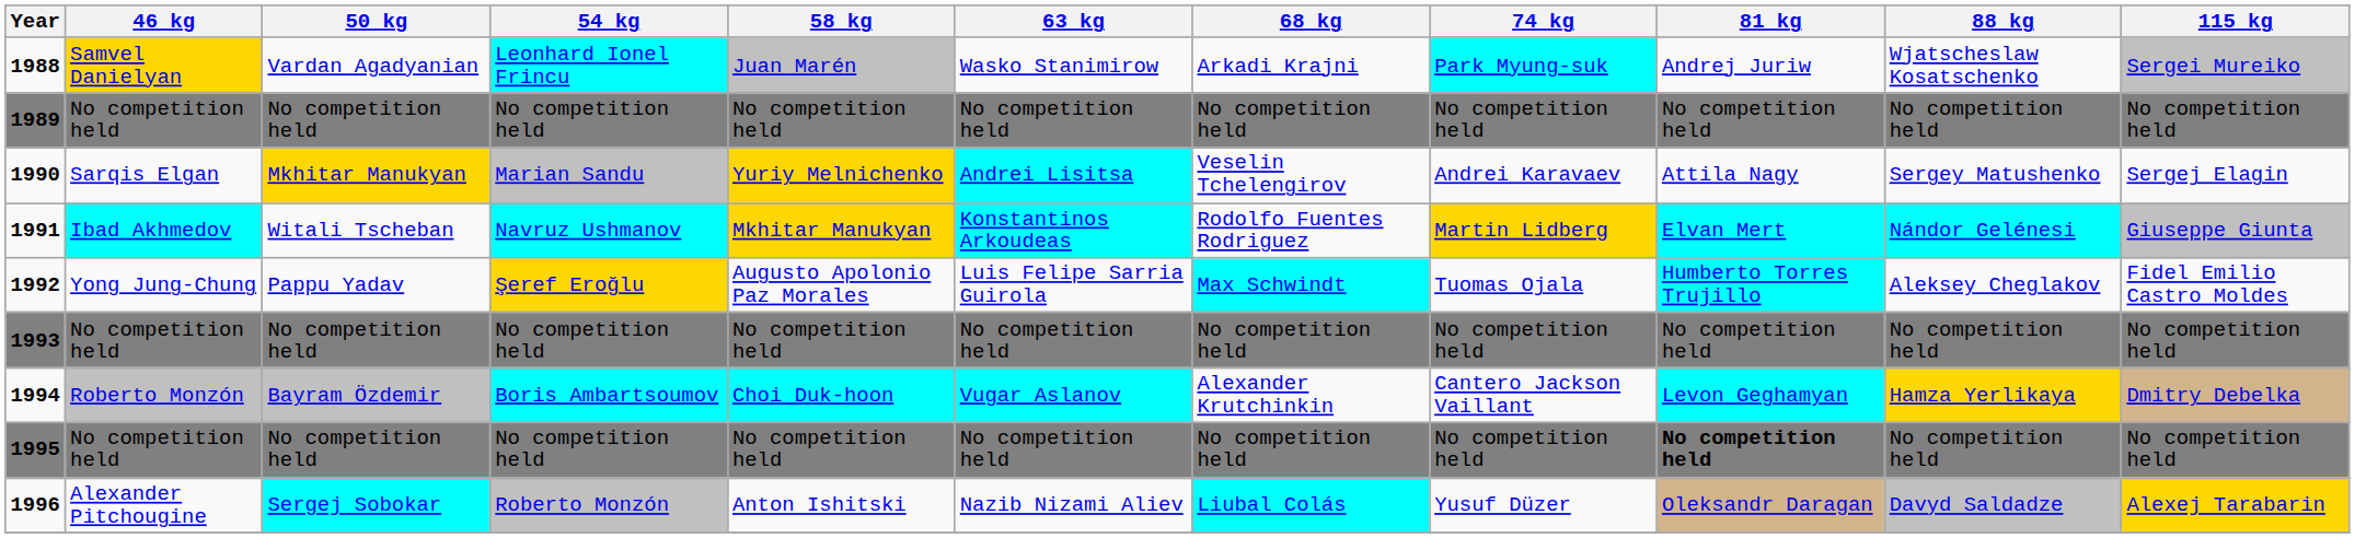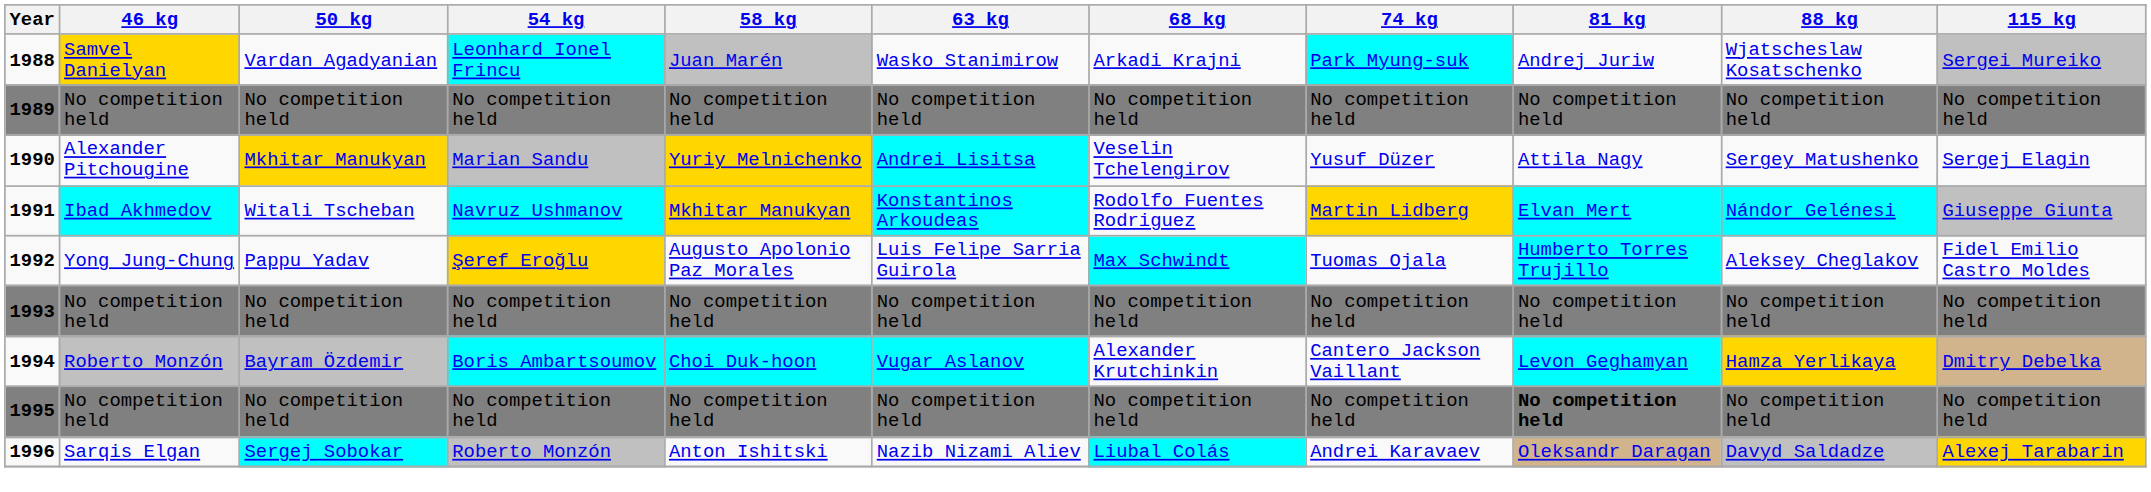 <table class="wikitable sortable"  style="font-size: 85%">
 <tr>
 <th>Year</th>
 <th width=200><a href='#'>46 kg</a></th>
 <th width=275><a href='#'>50 kg</a></th>
 <th width=275><a href='#'>54 kg</a></th>
 <th width=275><a href='#'>58 kg</a></th>
 <th width=275><a href='#'>63 kg</a></th>
 <th width=275><a href='#'>68 kg</a></th>
 <th width=275><a href='#'>74 kg</a></th>
 <th width=275><a href='#'>81 kg</a></th>
 <th width=275><a href='#'>88 kg</a></th>
 <th width=275><a href='#'>115 kg</a></th>
 </tr>
 <tr>
 <td><strong>1988</strong></td>
 <td bgcolor="gold"> <a href='#'>Samvel Danielyan</a></td>
 <td> <a href='#'>Vardan Agadyanian</a></td>
 <td bgcolor="aqua"> <a href='#'>Leonhard Ionel Frincu</a></td>
 <td bgcolor="Silver"> <a href='#'>Juan Marén</a></td>
 <td> <a href='#'>Wasko Stanimirow</a></td>
 <td> <a href='#'>Arkadi Krajni</a></td>
 <td bgcolor="aqua"> <a href='#'>Park Myung-suk</a></td>
 <td> <a href='#'>Andrej Juriw</a></td>
 <td> <a href='#'>Wjatscheslaw Kosatschenko</a></td>
 <td bgcolor="Silver"> <a href='#'>Sergei Mureiko</a></td>
 </tr>
 <tr>
 <td bgcolor="GRAY"><strong>1989</strong></td>
 <td bgcolor="GRAY">No competition held</td>
 <td bgcolor="GRAY">No competition held</td>
 <td bgcolor="GRAY">No competition held</td>
 <td bgcolor="GRAY">No competition held</td>
 <td bgcolor="GRAY">No competition held</td>
 <td bgcolor="GRAY">No competition held</td>
 <td bgcolor="GRAY">No competition held</td>
 <td bgcolor="GRAY">No competition held</td>
 <td bgcolor="GRAY">No competition held</td>
 <td bgcolor="GRAY">No competition held</td>
 </tr>
 <tr>
 <td><strong>1990</strong></td>
-<td> <a href='#'>Sarqis Elgan</a></td>
+<td> <a href='#'>Alexander Pitchougine</a></td>
 <td bgcolor="gold"> <a href='#'>Mkhitar Manukyan</a></td>
 <td bgcolor="Silver"> <a href='#'>Marian Sandu</a></td>
 <td bgcolor="gold"> <a href='#'>Yuriy Melnichenko</a></td>
 <td bgcolor="aqua"> <a href='#'>Andrei Lisitsa</a></td>
 <td> <a href='#'>Veselin Tchelengirov</a></td>
-<td> <a href='#'>Andrei Karavaev</a></td>
+<td> <a href='#'>Yusuf Düzer</a></td>
 <td> <a href='#'>Attila Nagy</a></td>
 <td> <a href='#'>Sergey Matushenko</a></td>
 <td> <a href='#'>Sergej Elagin</a></td>
 </tr>
 <tr>
 <td><strong>1991</strong></td>
 <td bgcolor="aqua"> <a href='#'>Ibad Akhmedov</a></td>
 <td> <a href='#'>Witali Tscheban</a></td>
 <td bgcolor="aqua"> <a href='#'>Navruz Ushmanov</a></td>
 <td bgcolor="gold"> <a href='#'>Mkhitar Manukyan</a></td>
 <td bgcolor="aqua"> <a href='#'>Konstantinos Arkoudeas</a></td>
 <td> <a href='#'>Rodolfo Fuentes Rodriguez</a></td>
 <td bgcolor="gold"> <a href='#'>Martin Lidberg</a></td>
 <td bgcolor="aqua"> <a href='#'>Elvan Mert</a></td>
 <td bgcolor="aqua"> <a href='#'>Nándor Gelénesi</a></td>
 <td bgcolor="Silver"> <a href='#'>Giuseppe Giunta</a></td>
 </tr>
 <tr>
 <td><strong>1992</strong></td>
 <td> <a href='#'>Yong Jung-Chung</a></td>
 <td> <a href='#'>Pappu Yadav</a></td>
 <td bgcolor="gold"> <a href='#'>Şeref Eroğlu</a></td>
 <td> <a href='#'>Augusto Apolonio Paz Morales</a></td>
 <td> <a href='#'>Luis Felipe Sarria Guirola</a></td>
 <td bgcolor="aqua"> <a href='#'>Max Schwindt</a></td>
 <td> <a href='#'>Tuomas Ojala</a></td>
 <td bgcolor="aqua"> <a href='#'>Humberto Torres Trujillo</a></td>
 <td> <a href='#'>Aleksey Cheglakov</a></td>
 <td> <a href='#'>Fidel Emilio Castro Moldes</a></td>
 </tr>
 <tr>
 <td bgcolor="GRAY"><strong>1993</strong></td>
 <td bgcolor="GRAY">No competition held</td>
 <td bgcolor="GRAY">No competition held</td>
 <td bgcolor="GRAY">No competition held</td>
 <td bgcolor="GRAY">No competition held</td>
 <td bgcolor="GRAY">No competition held</td>
 <td bgcolor="GRAY">No competition held</td>
 <td bgcolor="GRAY">No competition held</td>
 <td bgcolor="GRAY">No competition held</td>
 <td bgcolor="GRAY">No competition held</td>
 <td bgcolor="GRAY">No competition held</td>
 </tr>
 <tr>
 <td><strong>1994</strong></td>
 <td bgcolor="Silver"> <a href='#'>Roberto Monzón</a></td>
 <td bgcolor="Silver"> <a href='#'>Bayram Özdemir</a></td>
 <td bgcolor="aqua"> <a href='#'>Boris Ambartsoumov</a></td>
 <td bgcolor="aqua"> <a href='#'>Choi Duk-hoon</a></td>
 <td bgcolor="aqua"> <a href='#'>Vugar Aslanov</a></td>
 <td> <a href='#'>Alexander Krutchinkin</a></td>
 <td> <a href='#'>Cantero Jackson Vaillant</a></td>
 <td bgcolor="aqua"> <a href='#'>Levon Geghamyan</a></td>
 <td bgcolor="gold"> <a href='#'>Hamza Yerlikaya</a></td>
 <td bgcolor=#D2B48C> <a href='#'>Dmitry Debelka</a></td>
 </tr>
 <tr>
 <td bgcolor="GRAY"><strong>1995</strong></td>
 <td bgcolor="GRAY">No competition held</td>
 <td bgcolor="GRAY">No competition held</td>
 <td bgcolor="GRAY">No competition held</td>
 <td bgcolor="GRAY">No competition held</td>
 <td bgcolor="GRAY">No competition held</td>
 <td bgcolor="GRAY">No competition held</td>
 <td bgcolor="GRAY">No competition held</td>
 <td bgcolor="GRAY"><strong>No competition held</strong></td>
 <td bgcolor="GRAY">No competition held</td>
 <td bgcolor="GRAY">No competition held</td>
 </tr>
 <tr>
 <td><strong>1996</strong></td>
-<td> <a href='#'>Alexander Pitchougine</a></td>
+<td> <a href='#'>Sarqis Elgan</a></td>
 <td bgcolor="aqua"> <a href='#'>Sergej Sobokar</a></td>
 <td bgcolor="Silver"> <a href='#'>Roberto Monzón</a></td>
 <td> <a href='#'>Anton Ishitski</a></td>
 <td> <a href='#'>Nazib Nizami Aliev</a></td>
 <td bgcolor="aqua"> <a href='#'>Liubal Colás</a></td>
-<td> <a href='#'>Yusuf Düzer</a></td>
+<td> <a href='#'>Andrei Karavaev</a></td>
 <td bgcolor=#D2B48C> <a href='#'>Oleksandr Daragan</a></td>
 <td bgcolor="Silver"> <a href='#'>Davyd Saldadze</a></td>
 <td bgcolor="gold"> <a href='#'>Alexej Tarabarin</a></td>
 </tr>
 <tr>
 </tr>
 </table>
